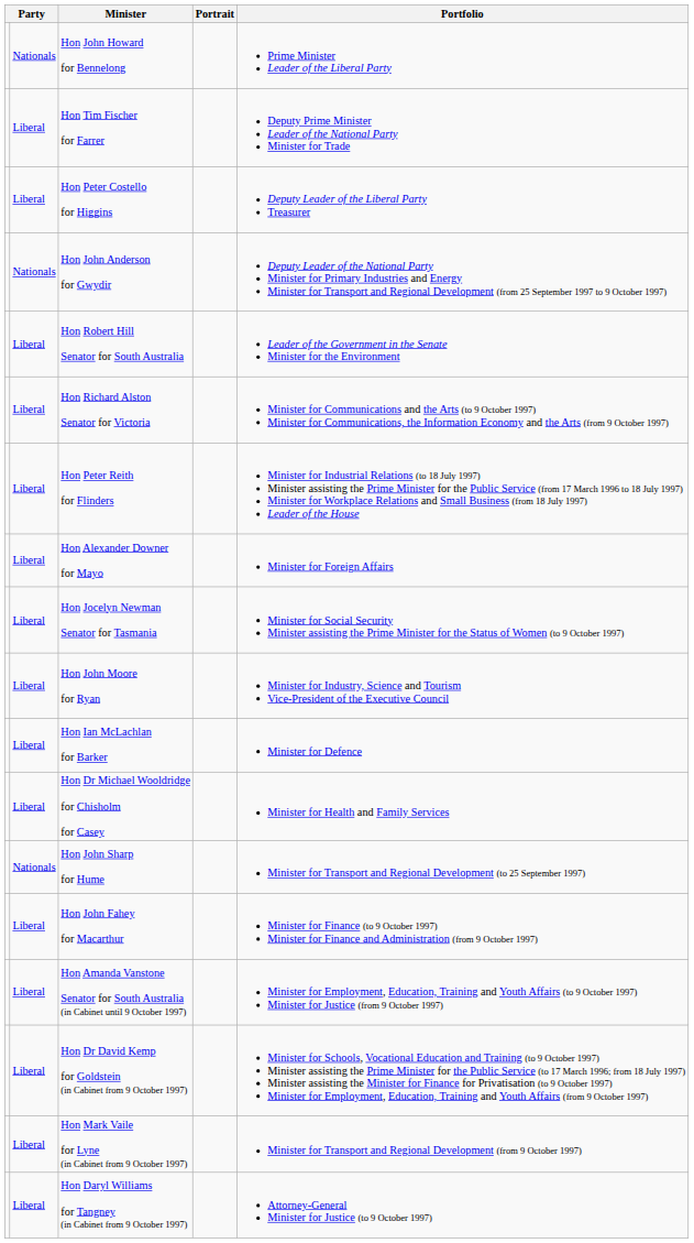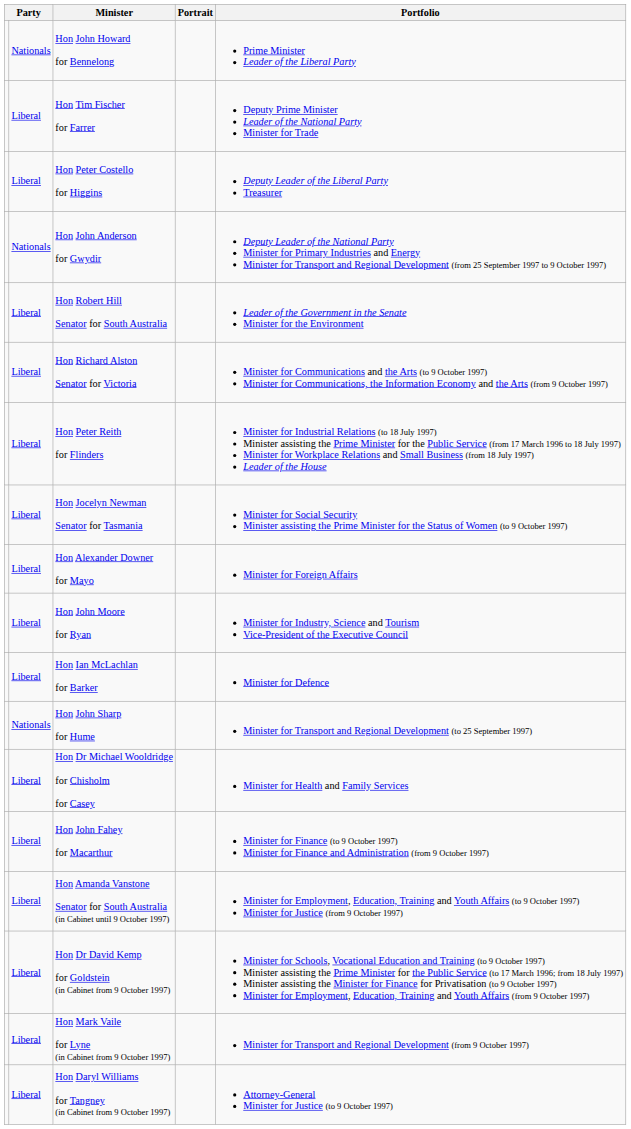 <table class="wikitable sortable">
 <tr>
 <th colspan="2">Party</th>
 <th>Minister</th>
 <th>Portrait</th>
 <th>Portfolio</th>
 </tr>
 <tr>
 <td></td>
 <td><a href='#'>Nationals</a></td>
 <td><a href='#'>Hon</a> <a href='#'>John Howard</a> <br><br> for <a href='#'>Bennelong</a> <br></td>
 <td></td>
 <td><br><ul><li><a href='#'>Prime Minister</a></li><li><em><a href='#'>Leader of the Liberal Party</a></em></li></ul></td>
 </tr>
 <tr>
 <td></td>
 <td><a href='#'>Liberal</a></td>
 <td><a href='#'>Hon</a> <a href='#'>Tim Fischer</a> <br><br> for <a href='#'>Farrer</a> <br></td>
 <td></td>
 <td><br><ul><li><a href='#'>Deputy Prime Minister</a></li><li><em><a href='#'>Leader of the National Party</a></em></li><li><a href='#'>Minister for Trade</a></li></ul></td>
 </tr>
 <tr>
 <td></td>
 <td><a href='#'>Liberal</a></td>
 <td><a href='#'>Hon</a> <a href='#'>Peter Costello</a> <br><br> for <a href='#'>Higgins</a> <br></td>
 <td></td>
 <td><br><ul><li><em><a href='#'>Deputy Leader of the Liberal Party</a></em></li><li><a href='#'>Treasurer</a></li></ul></td>
 </tr>
 <tr>
 <td></td>
 <td><a href='#'>Nationals</a></td>
 <td><a href='#'>Hon</a> <a href='#'>John Anderson</a> <br><br> for <a href='#'>Gwydir</a> <br></td>
 <td></td>
 <td><br><ul><li><em><a href='#'>Deputy Leader of the National Party</a></em></li><li><a href='#'>Minister for Primary Industries</a> and <a href='#'>Energy</a></li><li><a href='#'>Minister for Transport and Regional Development</a> <small>(from 25 September 1997 to 9 October 1997)</small></li></ul></td>
 </tr>
 <tr>
 <td></td>
 <td><a href='#'>Liberal</a></td>
 <td><a href='#'>Hon</a> <a href='#'>Robert Hill</a> <br><br><a href='#'>Senator</a> for <a href='#'>South Australia</a> <br></td>
 <td></td>
 <td><br><ul><li><em><a href='#'>Leader of the Government in the Senate</a></em></li><li><a href='#'>Minister for the Environment</a></li></ul></td>
 </tr>
 <tr>
 <td></td>
 <td><a href='#'>Liberal</a></td>
 <td><a href='#'>Hon</a> <a href='#'>Richard Alston</a> <br><br><a href='#'>Senator</a> for <a href='#'>Victoria</a> <br></td>
 <td></td>
 <td><br><ul><li><a href='#'>Minister for Communications</a> and <a href='#'>the Arts</a> <small>(to 9 October 1997)</small></li><li><a href='#'>Minister for Communications, the Information Economy</a> and <a href='#'>the Arts</a> <small>(from 9 October 1997)</small></li></ul></td>
 </tr>
 <tr>
 <td></td>
 <td><a href='#'>Liberal</a></td>
 <td><a href='#'>Hon</a> <a href='#'>Peter Reith</a> <br><br> for <a href='#'>Flinders</a> <br></td>
 <td></td>
 <td><br><ul><li><a href='#'>Minister for Industrial Relations</a> <small>(to 18 July 1997)</small></li><li>Minister assisting the <a href='#'>Prime Minister</a> for the <a href='#'>Public Service</a> <small>(from 17 March 1996 to 18 July 1997)</small></li><li><a href='#'>Minister for Workplace Relations</a> and <a href='#'>Small Business</a> <small>(from 18 July 1997)</small></li><li><em><a href='#'>Leader of the House</a></em></li></ul></td>
 </tr>
 <tr>
 <td></td>
 <td><a href='#'>Liberal</a></td>
-<td><a href='#'>Hon</a> <a href='#'>Alexander Downer</a> <br><br> for <a href='#'>Mayo</a> <br></td>
+<td><a href='#'>Hon</a> <a href='#'>Jocelyn Newman</a> <br><br><a href='#'>Senator</a> for <a href='#'>Tasmania</a> <br></td>
 <td></td>
-<td><br><ul><li><a href='#'>Minister for Foreign Affairs</a></li></ul></td>
+<td><br><ul><li><a href='#'>Minister for Social Security</a></li><li><a href='#'>Minister assisting the Prime Minister for the Status of Women</a> <small>(to 9 October 1997)</small></li></ul></td>
 </tr>
 <tr>
 <td></td>
 <td><a href='#'>Liberal</a></td>
-<td><a href='#'>Hon</a> <a href='#'>Jocelyn Newman</a> <br><br><a href='#'>Senator</a> for <a href='#'>Tasmania</a> <br></td>
+<td><a href='#'>Hon</a> <a href='#'>Alexander Downer</a> <br><br> for <a href='#'>Mayo</a> <br></td>
 <td></td>
-<td><br><ul><li><a href='#'>Minister for Social Security</a></li><li><a href='#'>Minister assisting the Prime Minister for the Status of Women</a> <small>(to 9 October 1997)</small></li></ul></td>
+<td><br><ul><li><a href='#'>Minister for Foreign Affairs</a></li></ul></td>
 </tr>
 <tr>
 <td></td>
 <td><a href='#'>Liberal</a></td>
 <td><a href='#'>Hon</a> <a href='#'>John Moore</a> <br><br> for <a href='#'>Ryan</a> <br></td>
 <td></td>
 <td><br><ul><li><a href='#'>Minister for Industry, Science</a> and <a href='#'>Tourism</a></li><li><a href='#'>Vice-President of the Executive Council</a></li></ul></td>
 </tr>
 <tr>
 <td></td>
 <td><a href='#'>Liberal</a></td>
 <td><a href='#'>Hon</a> <a href='#'>Ian McLachlan</a>  <br><br> for <a href='#'>Barker</a> <br></td>
 <td></td>
 <td><br><ul><li><a href='#'>Minister for Defence</a></li></ul></td>
 </tr>
 <tr>
 <td></td>
+<td><a href='#'>Nationals</a></td>
+<td><a href='#'>Hon</a> <a href='#'>John Sharp</a> <br><br> for <a href='#'>Hume</a> <br></td>
+<td></td>
+<td><br><ul><li><a href='#'>Minister for Transport and Regional Development</a> <small>(to 25 September 1997)</small></li></ul></td>
+</tr>
+<tr>
+<td></td>
 <td><a href='#'>Liberal</a></td>
 <td><a href='#'>Hon</a> <a href='#'>Dr Michael Wooldridge</a> <br><br> for <a href='#'>Chisholm</a> <br><br> for <a href='#'>Casey</a> <br></td>
 <td></td>
 <td><br><ul><li><a href='#'>Minister for Health</a> and <a href='#'>Family Services</a></li></ul></td>
-</tr>
-<tr>
-<td></td>
-<td><a href='#'>Nationals</a></td>
-<td><a href='#'>Hon</a> <a href='#'>John Sharp</a> <br><br> for <a href='#'>Hume</a> <br></td>
-<td></td>
-<td><br><ul><li><a href='#'>Minister for Transport and Regional Development</a> <small>(to 25 September 1997)</small></li></ul></td>
 </tr>
 <tr>
 <td></td>
 <td><a href='#'>Liberal</a></td>
 <td><a href='#'>Hon</a> <a href='#'>John Fahey</a> <br><br> for <a href='#'>Macarthur</a> <br></td>
 <td></td>
 <td><br><ul><li><a href='#'>Minister for Finance</a> <small>(to 9 October 1997)</small></li><li><a href='#'>Minister for Finance and Administration</a> <small>(from 9 October 1997)</small></li></ul></td>
 </tr>
 <tr>
 <td></td>
 <td><a href='#'>Liberal</a></td>
 <td><a href='#'>Hon</a> <a href='#'>Amanda Vanstone</a> <br><br><a href='#'>Senator</a> for <a href='#'>South Australia</a> <br> <small>(in Cabinet until 9 October 1997)</small></td>
 <td></td>
 <td><br><ul><li><a href='#'>Minister for Employment</a>, <a href='#'>Education, Training</a> and <a href='#'>Youth Affairs</a> <small>(to 9 October 1997)</small></li><li><a href='#'>Minister for Justice</a> <small>(from 9 October 1997)</small></li></ul></td>
 </tr>
 <tr>
 <td></td>
 <td><a href='#'>Liberal</a></td>
 <td><a href='#'>Hon</a> <a href='#'>Dr David Kemp</a> <br><br> for <a href='#'>Goldstein</a> <br> <small>(in Cabinet from 9 October 1997)</small></td>
 <td></td>
 <td><br><ul><li><a href='#'>Minister for Schools</a>, <a href='#'>Vocational Education and Training</a> <small>(to 9 October 1997)</small></li><li>Minister assisting the <a href='#'>Prime Minister</a> for <a href='#'>the Public Service</a> <small>(to 17 March 1996; from 18 July 1997)</small></li><li>Minister assisting the <a href='#'>Minister for Finance</a> for Privatisation <small>(to 9 October 1997)</small></li><li><a href='#'>Minister for Employment</a>, <a href='#'>Education, Training</a> and <a href='#'>Youth Affairs</a> <small>(from 9 October 1997)</small></li></ul></td>
 </tr>
 <tr>
 <td></td>
 <td><a href='#'>Liberal</a></td>
 <td><a href='#'>Hon</a> <a href='#'>Mark Vaile</a> <br><br> for <a href='#'>Lyne</a> <br> <small>(in Cabinet from 9 October 1997)</small></td>
 <td></td>
 <td><br><ul><li><a href='#'>Minister for Transport and Regional Development</a> <small>(from 9 October 1997)</small></li></ul></td>
 </tr>
 <tr>
 <td></td>
 <td><a href='#'>Liberal</a></td>
 <td><a href='#'>Hon</a> <a href='#'>Daryl Williams</a>  <br><br> for <a href='#'>Tangney</a> <br> <small>(in Cabinet from 9 October 1997)</small></td>
 <td></td>
 <td><br><ul><li><a href='#'>Attorney-General</a></li><li><a href='#'>Minister for Justice</a> <small>(to 9 October 1997)</small></li></ul></td>
 </tr>
 </table>
